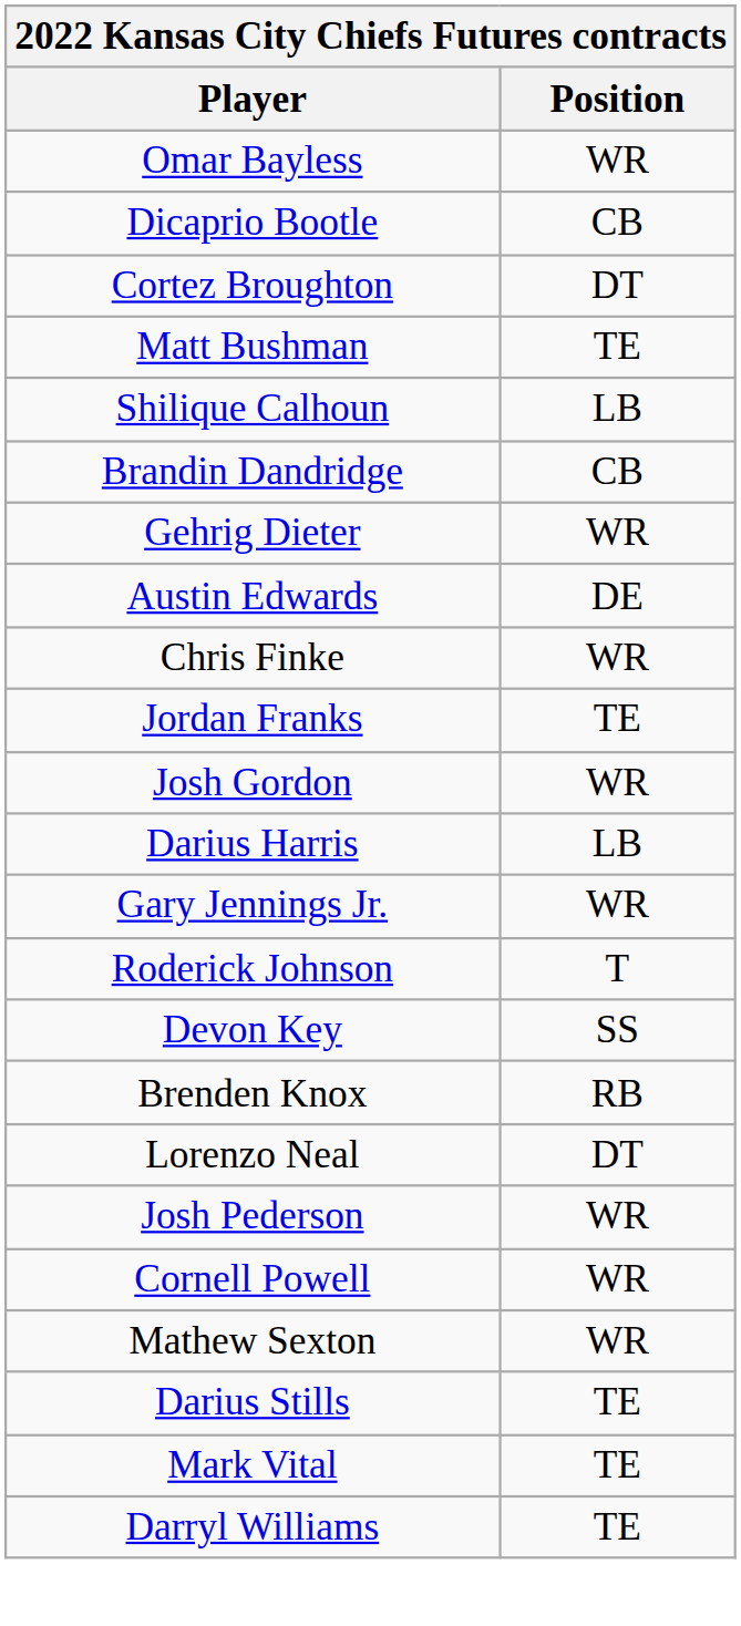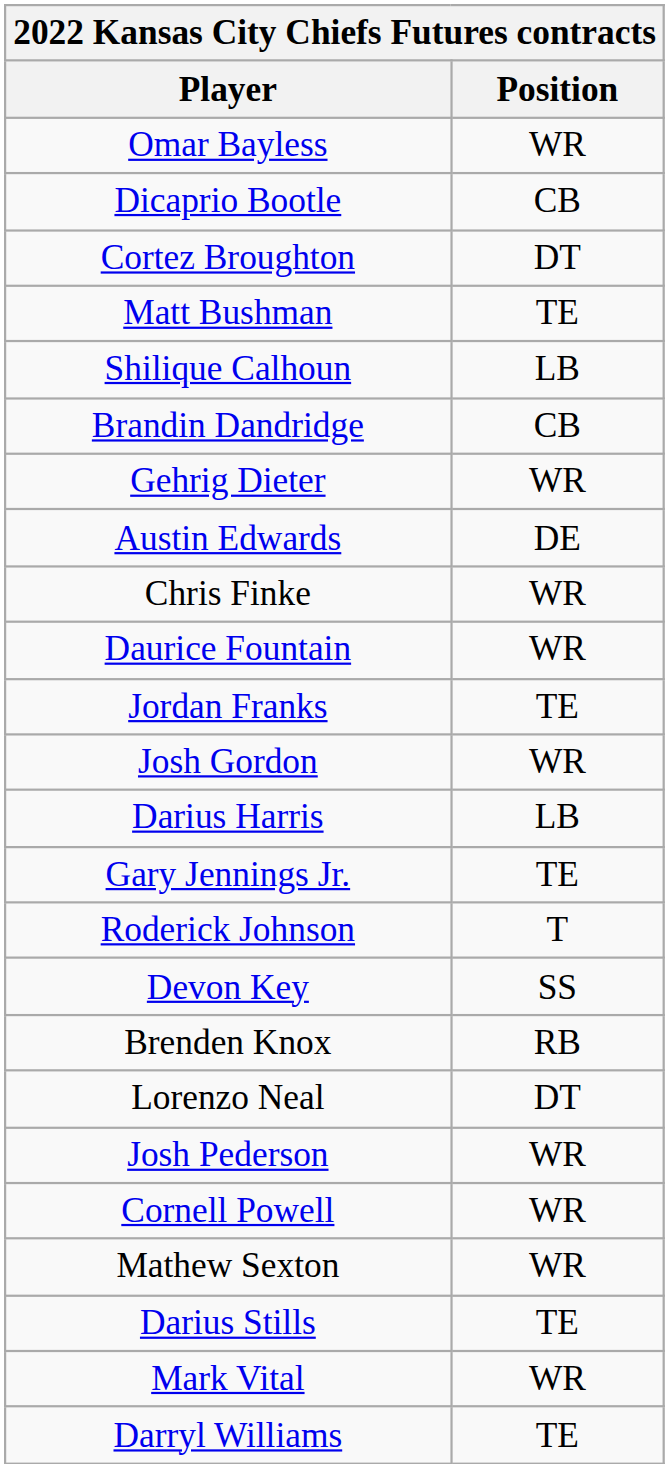 <table class="wikitable" style="text-align:center">
 <tr>
 <th colspan=2>2022 Kansas City Chiefs Futures contracts</th>
 </tr>
 <tr>
 <th>Player</th>
 <th>Position</th>
 </tr>
 <tr>
 <td><a href='#'>Omar Bayless</a></td>
 <td>WR</td>
 </tr>
 <tr>
 <td><a href='#'>Dicaprio Bootle</a></td>
 <td>CB</td>
 </tr>
 <tr>
 <td><a href='#'>Cortez Broughton</a></td>
 <td>DT</td>
 </tr>
 <tr>
 <td><a href='#'>Matt Bushman</a></td>
 <td>TE</td>
 </tr>
 <tr>
 <td><a href='#'>Shilique Calhoun</a></td>
 <td>LB</td>
 </tr>
 <tr>
 <td><a href='#'>Brandin Dandridge</a></td>
 <td>CB</td>
 </tr>
 <tr>
 <td><a href='#'>Gehrig Dieter</a></td>
 <td>WR</td>
 </tr>
 <tr>
 <td><a href='#'>Austin Edwards</a></td>
 <td>DE</td>
 </tr>
 <tr>
 <td>Chris Finke</td>
 <td>WR</td>
 </tr>
 <tr>
+<td><a href='#'>Daurice Fountain</a></td>
+<td>WR</td>
+</tr>
+<tr>
 <td><a href='#'>Jordan Franks</a></td>
 <td>TE</td>
 </tr>
 <tr>
 <td><a href='#'>Josh Gordon</a></td>
 <td>WR</td>
 </tr>
 <tr>
 <td><a href='#'>Darius Harris</a></td>
 <td>LB</td>
 </tr>
 <tr>
 <td><a href='#'>Gary Jennings Jr.</a></td>
-<td>WR</td>
+<td>TE</td>
 </tr>
 <tr>
 <td><a href='#'>Roderick Johnson</a></td>
 <td>T</td>
 </tr>
 <tr>
 <td><a href='#'>Devon Key</a></td>
 <td>SS</td>
 </tr>
 <tr>
 <td>Brenden Knox</td>
 <td>RB</td>
 </tr>
 <tr>
 <td>Lorenzo Neal</td>
 <td>DT</td>
 </tr>
 <tr>
 <td><a href='#'>Josh Pederson</a></td>
 <td>WR</td>
 </tr>
 <tr>
 <td><a href='#'>Cornell Powell</a></td>
 <td>WR</td>
 </tr>
 <tr>
 <td>Mathew Sexton</td>
 <td>WR</td>
 </tr>
 <tr>
 <td><a href='#'>Darius Stills</a></td>
 <td>TE</td>
 </tr>
 <tr>
 <td><a href='#'>Mark Vital</a></td>
-<td>TE</td>
+<td>WR</td>
 </tr>
 <tr>
 <td><a href='#'>Darryl Williams</a></td>
 <td>TE</td>
 </tr>
 </table>
